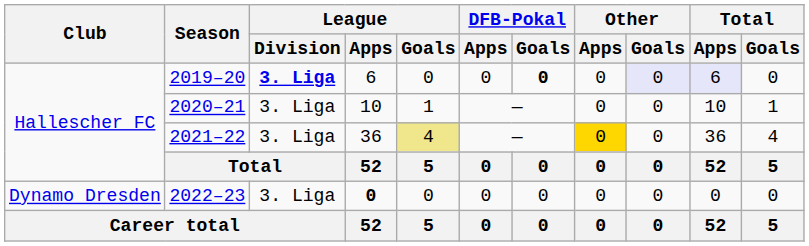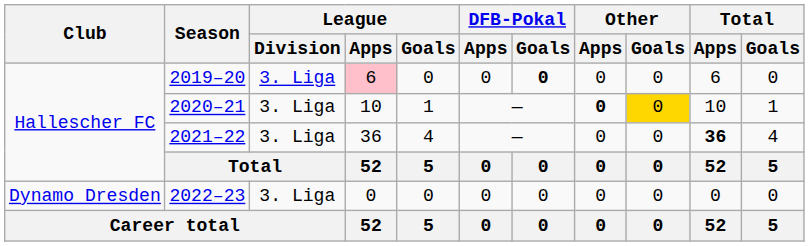 <table class="wikitable" style="text-align: center">
 <tr>
 <th rowspan="2">Club</th>
 <th rowspan="2">Season</th>
 <th colspan="3">League</th>
 <th colspan="2"><a href='#'>DFB-Pokal</a></th>
 <th colspan="2">Other</th>
 <th colspan="2">Total</th>
 </tr>
 <tr>
 <th>Division</th>
 <th>Apps</th>
 <th>Goals</th>
 <th>Apps</th>
 <th>Goals</th>
 <th>Apps</th>
 <th>Goals</th>
 <th>Apps</th>
 <th>Goals</th>
 </tr>
 <tr>
 <td rowspan="4"><a href='#'>Hallescher FC</a></td>
 <td><a href='#'>2019–20</a></td>
-<td><strong><a href='#'>3. Liga</a></strong></td>
-<td>6</td>
+<td><a href='#'>3. Liga</a></td>
+<td style="background: pink;">6</td>
 <td>0</td>
 <td>0</td>
 <td><strong>0</strong></td>
 <td>0</td>
-<td style="background: lavender;">0</td>
-<td style="background: lavender;">6</td>
+<td>0</td>
+<td>6</td>
 <td>0</td>
 </tr>
 <tr>
 <td><a href='#'>2020–21</a></td>
 <td>3. Liga</td>
 <td>10</td>
 <td>1</td>
 <td colspan="2">—</td>
-<td>0</td>
-<td>0</td>
+<td><strong>0</strong></td>
+<td style="background: gold;">0</td>
 <td>10</td>
 <td>1</td>
 </tr>
 <tr>
 <td><a href='#'>2021–22</a></td>
 <td>3. Liga</td>
 <td>36</td>
-<td style="background: khaki;">4</td>
+<td>4</td>
 <td colspan="2">—</td>
-<td style="background: gold;">0</td>
 <td>0</td>
-<td>36</td>
+<td>0</td>
+<td><strong>36</strong></td>
 <td>4</td>
 </tr>
 <tr>
 <th colspan="2">Total</th>
 <th>52</th>
 <th>5</th>
 <th>0</th>
 <th>0</th>
 <th>0</th>
 <th>0</th>
 <th>52</th>
 <th>5</th>
 </tr>
 <tr>
 <td><a href='#'>Dynamo Dresden</a></td>
 <td><a href='#'>2022–23</a></td>
 <td>3. Liga</td>
-<td><strong>0</strong></td>
+<td>0</td>
 <td>0</td>
 <td>0</td>
 <td>0</td>
 <td>0</td>
 <td>0</td>
 <td>0</td>
 <td>0</td>
 </tr>
 <tr>
 <th colspan="3">Career total</th>
 <th>52</th>
 <th>5</th>
 <th>0</th>
 <th>0</th>
 <th>0</th>
 <th>0</th>
 <th>52</th>
 <th>5</th>
 </tr>
 </table>
